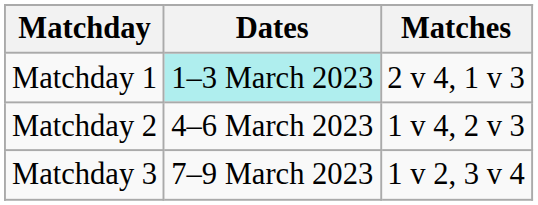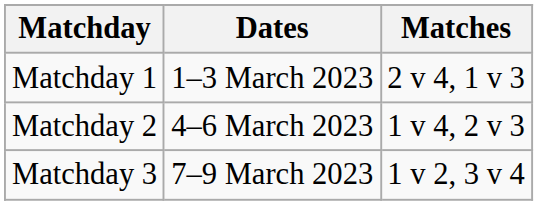 <table class="wikitable" style="text-align:center">
 <tr>
 </tr>
 <tr>
 <th>Matchday</th>
 <th>Dates</th>
 <th>Matches</th>
 </tr>
 <tr>
 <td>Matchday 1</td>
-<td style="background: paleturquoise;">1–3 March 2023</td>
+<td>1–3 March 2023</td>
 <td>2 v 4, 1 v 3</td>
 </tr>
 <tr>
 <td>Matchday 2</td>
 <td>4–6 March 2023</td>
 <td>1 v 4, 2 v 3</td>
 </tr>
 <tr>
 <td>Matchday 3</td>
 <td>7–9 March 2023</td>
 <td>1 v 2, 3 v 4</td>
 </tr>
 </table>
